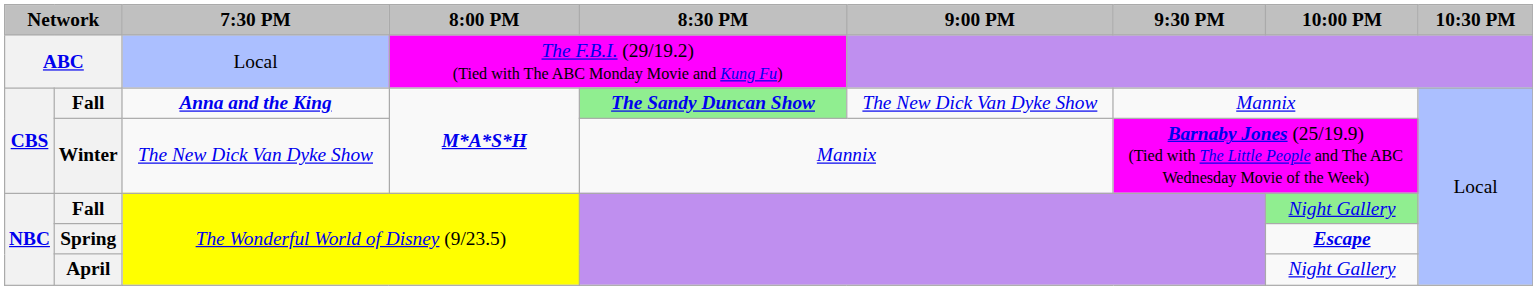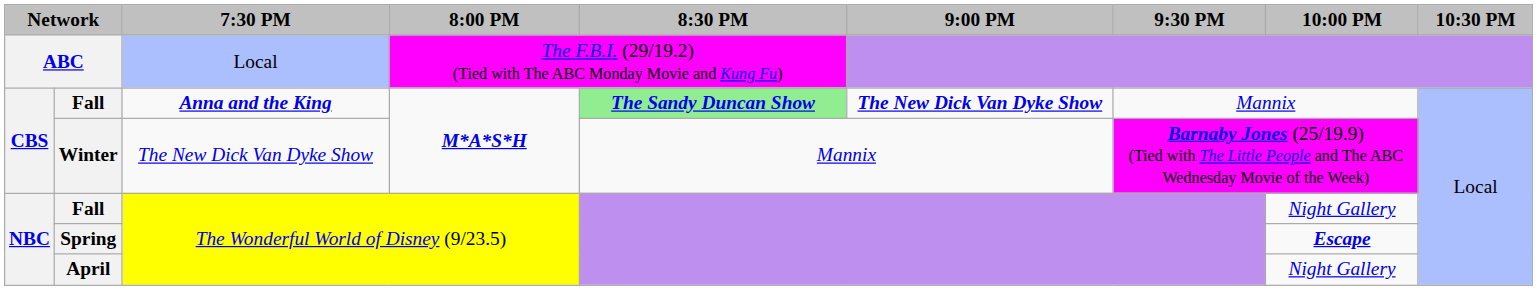 <table class="wikitable plainrowheaders" style="width:100%; margin:auto; text-align:center;">
 <tr>
 <th colspan="2" style="background-color:#C0C0C0;width:7.5%;">Network</th>
 <th style="background-color:#C0C0C0;width:17.5%;">7:30 PM</th>
 <th style="background-color:#C0C0C0;width:12.5%;">8:00 PM</th>
 <th style="background-color:#C0C0C0;width:17.5%;">8:30 PM</th>
 <th style="background-color:#C0C0C0;width:17.5%;">9:00 PM</th>
 <th style="background-color:#C0C0C0;width:10%;">9:30 PM</th>
 <th style="background-color:#C0C0C0;width:10%;">10:00 PM</th>
 <th style="background-color:#C0C0C0;width:7.5%;">10:30 PM</th>
 </tr>
 <tr>
 <th colspan="2"><a href='#'>ABC</a></th>
 <td bgcolor="#abbfff">Local</td>
 <td bgcolor="#FF00FF" colspan="2"><em><a href='#'>The F.B.I.</a></em> (29/19.2)<br><small>(Tied with The ABC Monday Movie and <em><a href='#'>Kung Fu</a></em>)</small></td>
 <td bgcolor="#bf8fef" colspan="4"></td>
 </tr>
 <tr>
 <th rowspan="2"><a href='#'>CBS</a></th>
 <th>Fall</th>
 <td><strong><em><a href='#'>Anna and the King</a></em></strong></td>
 <td rowspan="2"><strong><em><a href='#'>M*A*S*H</a></em></strong></td>
 <td style="background: lightgreen;"><strong><em><a href='#'>The Sandy Duncan Show</a></em></strong></td>
-<td><em><a href='#'>The New Dick Van Dyke Show</a></em></td>
+<td><strong><em><a href='#'>The New Dick Van Dyke Show</a></em></strong></td>
 <td colspan="2"><em><a href='#'>Mannix</a></em></td>
 <td bgcolor="#abbfff" rowspan="5">Local</td>
 </tr>
 <tr>
 <th>Winter</th>
 <td><em><a href='#'>The New Dick Van Dyke Show</a></em></td>
 <td colspan="2"><em><a href='#'>Mannix</a></em></td>
 <td bgcolor="#FF00FF" colspan="2"><strong><em><a href='#'>Barnaby Jones</a></em></strong> (25/19.9)<br><small>(Tied with <em><a href='#'>The Little People</a></em> and The ABC Wednesday Movie of the Week)</small></td>
 </tr>
 <tr>
 <th rowspan="3"><a href='#'>NBC</a></th>
 <th>Fall</th>
 <td bgcolor="#FFFF00" rowspan="3" colspan="2"><em><a href='#'>The Wonderful World of Disney</a></em> (9/23.5)</td>
 <td bgcolor="#bf8fef" rowspan="3" colspan="3"></td>
-<td style="background: lightgreen;"><em><a href='#'>Night Gallery</a></em></td>
+<td><em><a href='#'>Night Gallery</a></em></td>
 </tr>
 <tr>
 <th>Spring</th>
 <td><strong><em><a href='#'>Escape</a></em></strong></td>
 </tr>
 <tr>
 <th>April</th>
 <td><em><a href='#'>Night Gallery</a></em></td>
 </tr>
 </table>
